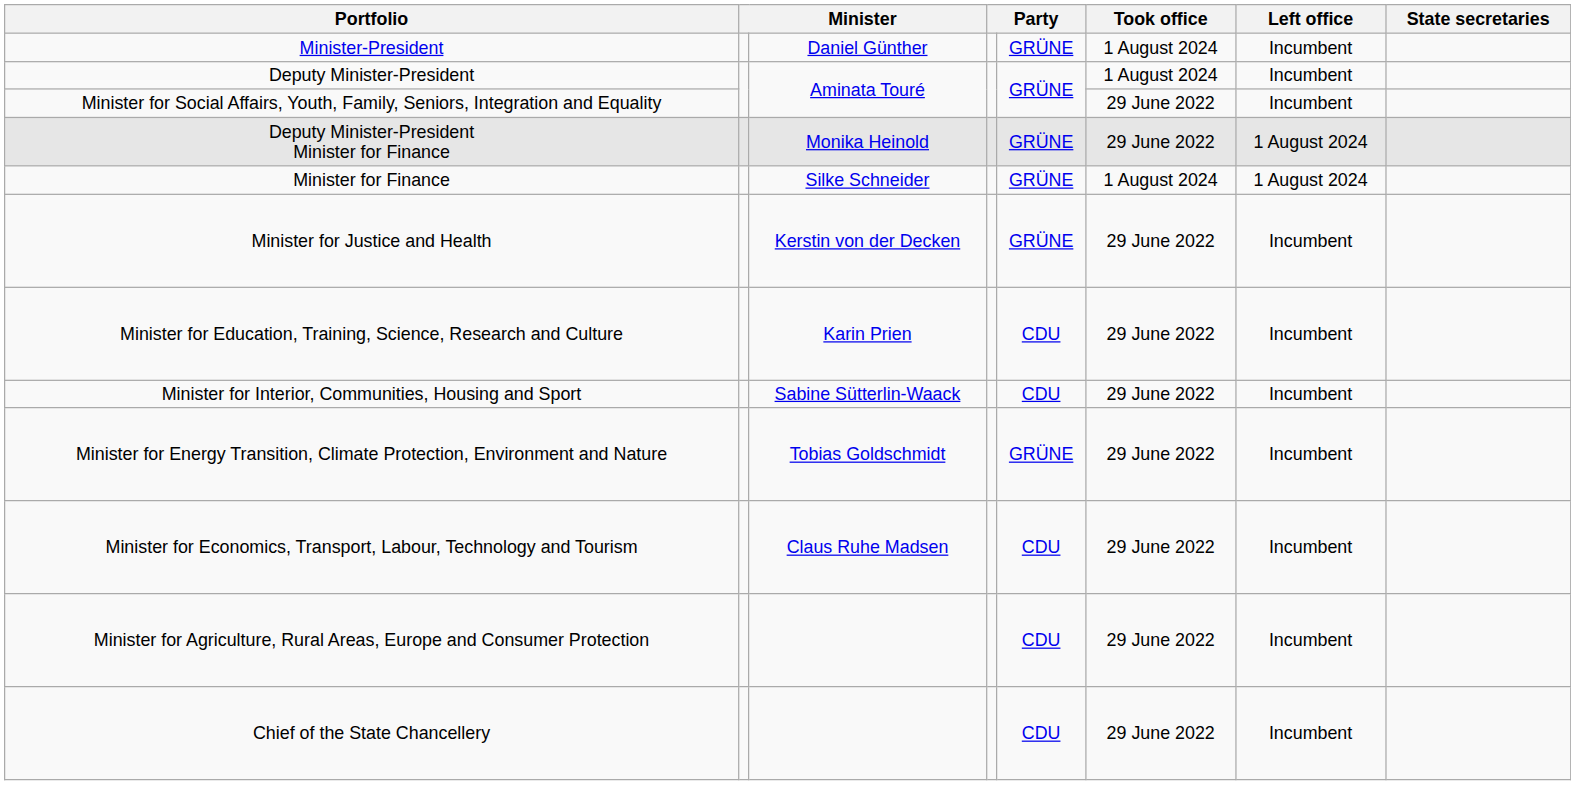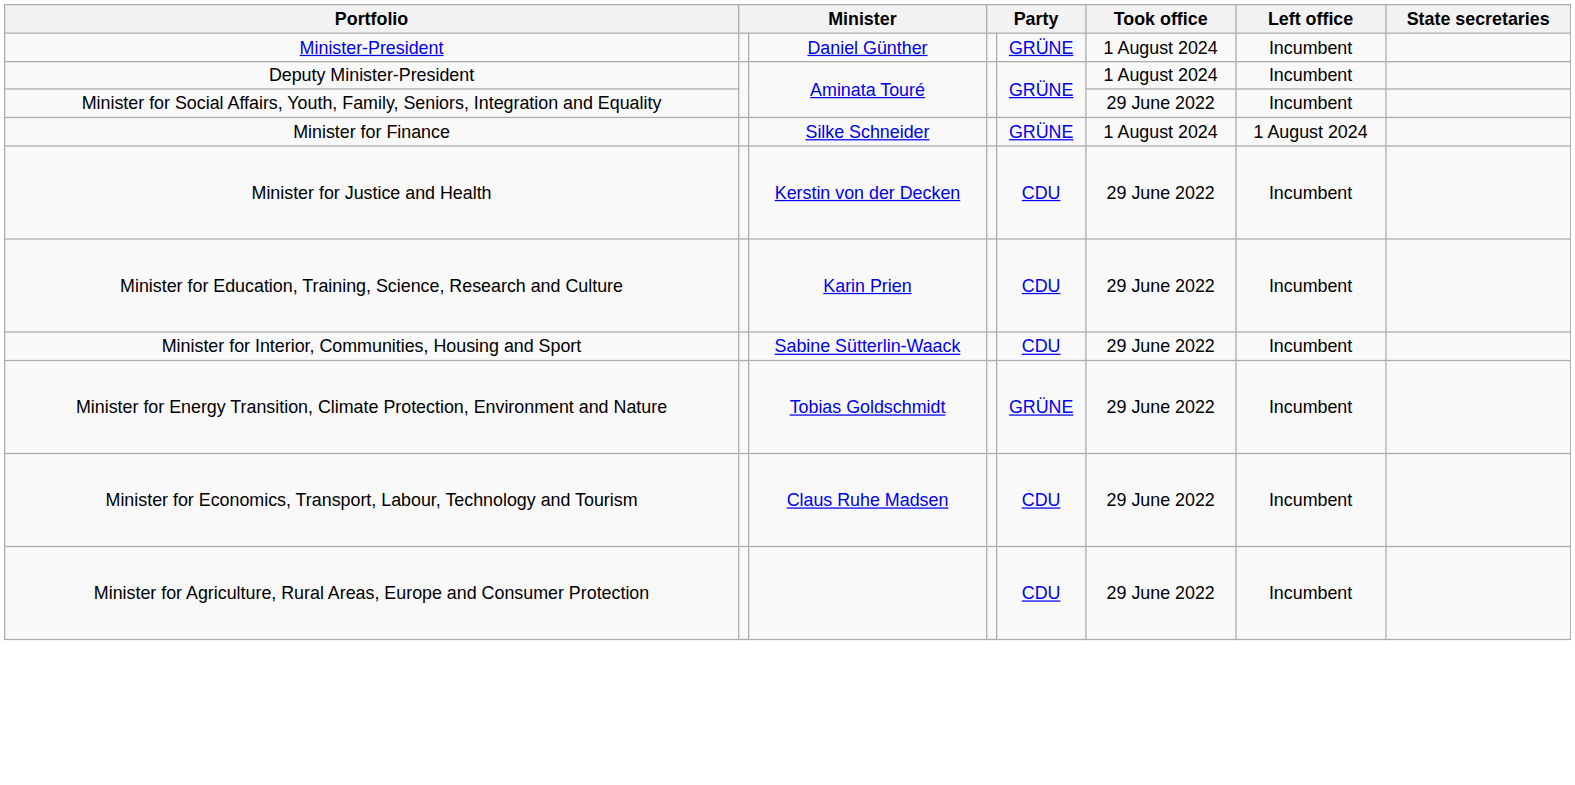 <table class="wikitable" style="width:100%; text-align:center; font-size:90%">
 <tr>
 <th>Portfolio</th>
 <th colspan="2">Minister</th>
 <th colspan="2">Party</th>
 <th>Took office</th>
 <th>Left office</th>
 <th>State secretaries</th>
 </tr>
 <tr>
 <td><a href='#'>Minister-President</a></td>
 <td></td>
 <td><a href='#'>Daniel Günther</a><br></td>
 <td></td>
 <td><a href='#'>GRÜNE</a></td>
 <td>1 August 2024</td>
 <td>Incumbent</td>
 <td></td>
 </tr>
 <tr>
 <td>Deputy Minister-President</td>
 <td rowspan="2"></td>
 <td rowspan="2"><a href='#'>Aminata Touré</a><br></td>
 <td rowspan="2"></td>
 <td rowspan="2"><a href='#'>GRÜNE</a></td>
 <td>1 August 2024</td>
 <td>Incumbent</td>
 <td></td>
 </tr>
 <tr>
 <td>Minister for Social Affairs, Youth, Family, Seniors, Integration and Equality</td>
 <td>29 June 2022</td>
 <td>Incumbent</td>
 <td></td>
 </tr>
-<tr style="background-color:#E6E6E6">
-<td>Deputy Minister-President<br>Minister for Finance</td>
-<td></td>
-<td><a href='#'>Monika Heinold</a><br></td>
-<td></td>
-<td><a href='#'>GRÜNE</a></td>
-<td>29 June 2022</td>
-<td>1 August 2024</td>
-<td></td>
-</tr>
 <tr>
 <td>Minister for Finance</td>
 <td></td>
 <td><a href='#'>Silke Schneider</a><br></td>
 <td></td>
 <td><a href='#'>GRÜNE</a></td>
 <td>1 August 2024</td>
 <td>1 August 2024</td>
 <td></td>
 </tr>
 <tr style="height:75px">
 <td>Minister for Justice and Health</td>
 <td></td>
 <td><a href='#'>Kerstin von der Decken</a><br></td>
 <td></td>
-<td><a href='#'>GRÜNE</a></td>
+<td><a href='#'>CDU</a></td>
 <td>29 June 2022</td>
 <td>Incumbent</td>
 <td></td>
 </tr>
 <tr style="height:75px">
 <td>Minister for Education, Training, Science, Research and Culture</td>
 <td></td>
 <td><a href='#'>Karin Prien</a><br></td>
 <td></td>
 <td><a href='#'>CDU</a></td>
 <td>29 June 2022</td>
 <td>Incumbent</td>
 <td></td>
 </tr>
 <tr>
 <td>Minister for Interior, Communities, Housing and Sport</td>
 <td></td>
 <td><a href='#'>Sabine Sütterlin-Waack</a><br></td>
 <td></td>
 <td><a href='#'>CDU</a></td>
 <td>29 June 2022</td>
 <td>Incumbent</td>
 <td></td>
 </tr>
 <tr style="height:75px">
 <td>Minister for Energy Transition, Climate Protection, Environment and Nature</td>
 <td></td>
 <td><a href='#'>Tobias Goldschmidt</a><br></td>
 <td></td>
 <td><a href='#'>GRÜNE</a></td>
 <td>29 June 2022</td>
 <td>Incumbent</td>
 <td></td>
 </tr>
 <tr style="height:75px">
 <td>Minister for Economics, Transport, Labour, Technology and Tourism</td>
 <td></td>
 <td><a href='#'>Claus Ruhe Madsen</a><br></td>
 <td></td>
 <td><a href='#'>CDU</a></td>
 <td>29 June 2022</td>
 <td>Incumbent</td>
 <td></td>
 </tr>
 <tr style="height:75px">
 <td>Minister for Agriculture, Rural Areas, Europe and Consumer Protection</td>
 <td></td>
 <td><br></td>
 <td></td>
 <td><a href='#'>CDU</a></td>
 <td>29 June 2022</td>
 <td>Incumbent</td>
 <td></td>
 </tr>
-<tr style="height:75px">
-<td>Chief of the State Chancellery</td>
-<td></td>
-<td><br></td>
-<td></td>
-<td><a href='#'>CDU</a></td>
-<td>29 June 2022</td>
-<td>Incumbent</td>
-<td></td>
-</tr>
 </table>
